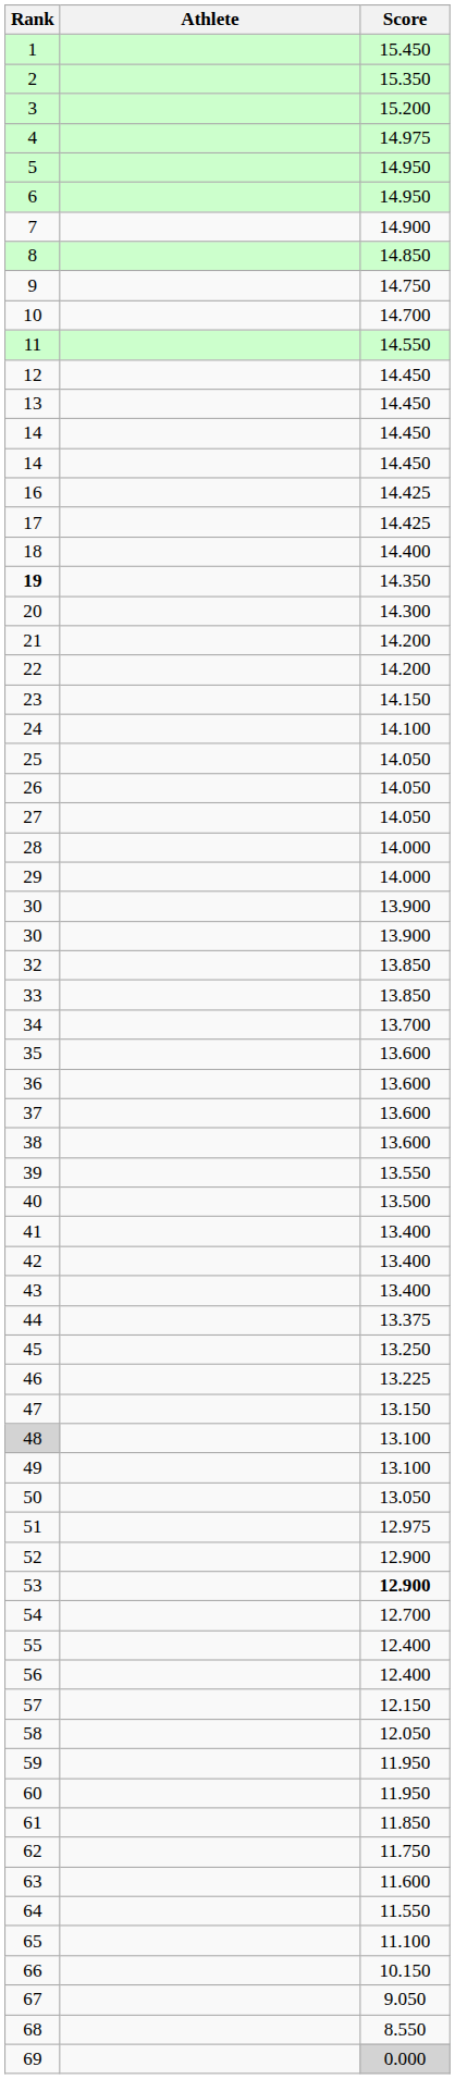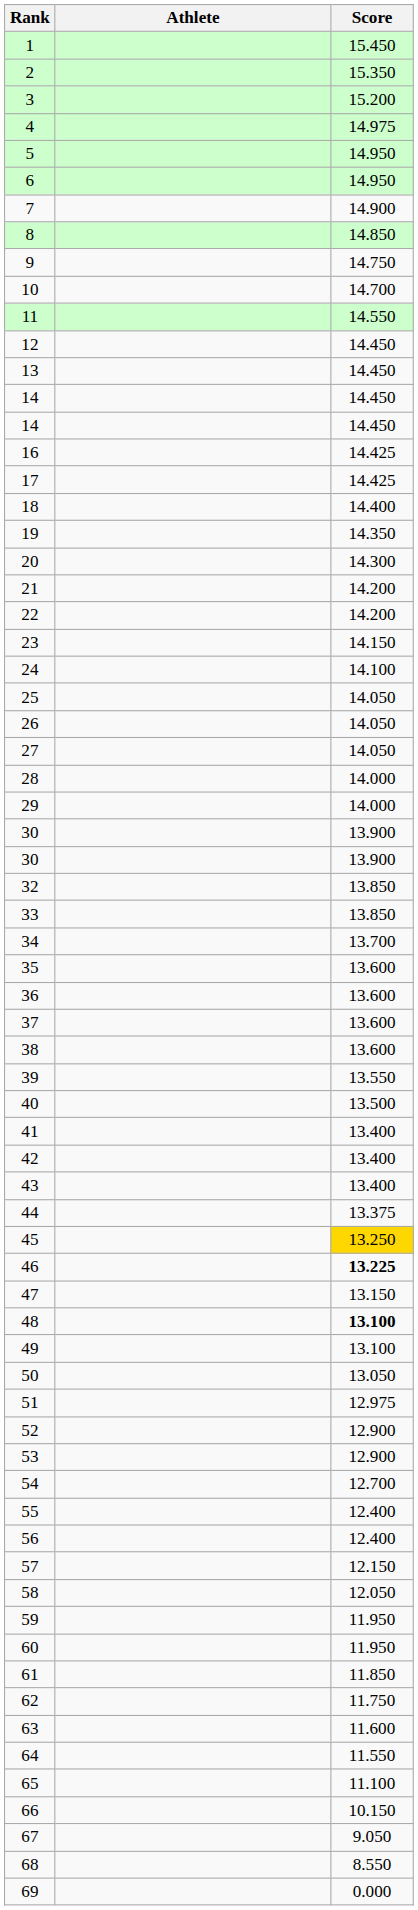 <table class=wikitable style="text-align:center">
 <tr>
 <th width=40>Rank</th>
 <th width=250>Athlete</th>
 <th width=70>Score</th>
 </tr>
 <tr bgcolor="ccffcc">
 <td>1</td>
 <td align=left></td>
 <td>15.450</td>
 </tr>
 <tr bgcolor="ccffcc">
 <td>2</td>
 <td align=left></td>
 <td>15.350</td>
 </tr>
 <tr bgcolor="ccffcc">
 <td>3</td>
 <td align=left></td>
 <td>15.200</td>
 </tr>
 <tr bgcolor="ccffcc">
 <td>4</td>
 <td align=left></td>
 <td>14.975</td>
 </tr>
 <tr bgcolor="ccffcc">
 <td>5</td>
 <td align=left></td>
 <td>14.950</td>
 </tr>
 <tr bgcolor="ccffcc">
 <td>6</td>
 <td align=left></td>
 <td>14.950</td>
 </tr>
 <tr>
 <td>7</td>
 <td align=left></td>
 <td>14.900</td>
 </tr>
 <tr bgcolor="ccffcc">
 <td>8</td>
 <td align=left></td>
 <td>14.850</td>
 </tr>
 <tr>
 <td>9</td>
 <td align=left></td>
 <td>14.750</td>
 </tr>
 <tr>
 <td>10</td>
 <td align=left></td>
 <td>14.700</td>
 </tr>
 <tr bgcolor="ccffcc">
 <td>11</td>
 <td align=left></td>
 <td>14.550</td>
 </tr>
 <tr>
 <td>12</td>
 <td align=left></td>
 <td>14.450</td>
 </tr>
 <tr>
 <td>13</td>
 <td align=left></td>
 <td>14.450</td>
 </tr>
 <tr>
 <td>14</td>
 <td align=left></td>
 <td>14.450</td>
 </tr>
 <tr>
 <td>14</td>
 <td align=left></td>
 <td>14.450</td>
 </tr>
 <tr>
 <td>16</td>
 <td align=left></td>
 <td>14.425</td>
 </tr>
 <tr>
 <td>17</td>
 <td align=left></td>
 <td>14.425</td>
 </tr>
 <tr>
 <td>18</td>
 <td align=left></td>
 <td>14.400</td>
 </tr>
 <tr>
-<td><strong>19</strong></td>
+<td>19</td>
 <td align=left></td>
 <td>14.350</td>
 </tr>
 <tr>
 <td>20</td>
 <td align=left></td>
 <td>14.300</td>
 </tr>
 <tr>
 <td>21</td>
 <td align=left></td>
 <td>14.200</td>
 </tr>
 <tr>
 <td>22</td>
 <td align=left></td>
 <td>14.200</td>
 </tr>
 <tr>
 <td>23</td>
 <td align=left></td>
 <td>14.150</td>
 </tr>
 <tr>
 <td>24</td>
 <td align=left></td>
 <td>14.100</td>
 </tr>
 <tr>
 <td>25</td>
 <td align=left></td>
 <td>14.050</td>
 </tr>
 <tr>
 <td>26</td>
 <td align=left></td>
 <td>14.050</td>
 </tr>
 <tr>
 <td>27</td>
 <td align=left></td>
 <td>14.050</td>
 </tr>
 <tr>
 <td>28</td>
 <td align=left></td>
 <td>14.000</td>
 </tr>
 <tr>
 <td>29</td>
 <td align=left></td>
 <td>14.000</td>
 </tr>
 <tr>
 <td>30</td>
 <td align=left></td>
 <td>13.900</td>
 </tr>
 <tr>
 <td>30</td>
 <td align=left></td>
 <td>13.900</td>
 </tr>
 <tr>
 <td>32</td>
 <td align=left></td>
 <td>13.850</td>
 </tr>
 <tr>
 <td>33</td>
 <td align=left></td>
 <td>13.850</td>
 </tr>
 <tr>
 <td>34</td>
 <td align=left></td>
 <td>13.700</td>
 </tr>
 <tr>
 <td>35</td>
 <td align=left></td>
 <td>13.600</td>
 </tr>
 <tr>
 <td>36</td>
 <td align=left></td>
 <td>13.600</td>
 </tr>
 <tr>
 <td>37</td>
 <td align=left></td>
 <td>13.600</td>
 </tr>
 <tr>
 <td>38</td>
 <td align=left></td>
 <td>13.600</td>
 </tr>
 <tr>
 <td>39</td>
 <td align=left></td>
 <td>13.550</td>
 </tr>
 <tr>
 <td>40</td>
 <td align=left></td>
 <td>13.500</td>
 </tr>
 <tr>
 <td>41</td>
 <td align=left></td>
 <td>13.400</td>
 </tr>
 <tr>
 <td>42</td>
 <td align=left></td>
 <td>13.400</td>
 </tr>
 <tr>
 <td>43</td>
 <td align=left></td>
 <td>13.400</td>
 </tr>
 <tr>
 <td>44</td>
 <td align=left></td>
 <td>13.375</td>
 </tr>
 <tr>
 <td>45</td>
 <td align=left></td>
-<td>13.250</td>
+<td style="background: gold;">13.250</td>
 </tr>
 <tr>
 <td>46</td>
 <td align=left></td>
-<td>13.225</td>
+<td><strong>13.225</strong></td>
 </tr>
 <tr>
 <td>47</td>
 <td align=left></td>
 <td>13.150</td>
 </tr>
 <tr>
-<td style="background: lightgrey;">48</td>
+<td>48</td>
 <td align=left></td>
-<td>13.100</td>
+<td><strong>13.100</strong></td>
 </tr>
 <tr>
 <td>49</td>
 <td align=left></td>
 <td>13.100</td>
 </tr>
 <tr>
 <td>50</td>
 <td align=left></td>
 <td>13.050</td>
 </tr>
 <tr>
 <td>51</td>
 <td align=left></td>
 <td>12.975</td>
 </tr>
 <tr>
 <td>52</td>
 <td align=left></td>
 <td>12.900</td>
 </tr>
 <tr>
 <td>53</td>
 <td align=left></td>
-<td><strong>12.900</strong></td>
+<td>12.900</td>
 </tr>
 <tr>
 <td>54</td>
 <td align=left></td>
 <td>12.700</td>
 </tr>
 <tr>
 <td>55</td>
 <td align=left></td>
 <td>12.400</td>
 </tr>
 <tr>
 <td>56</td>
 <td align=left></td>
 <td>12.400</td>
 </tr>
 <tr>
 <td>57</td>
 <td align=left></td>
 <td>12.150</td>
 </tr>
 <tr>
 <td>58</td>
 <td align=left></td>
 <td>12.050</td>
 </tr>
 <tr>
 <td>59</td>
 <td align=left></td>
 <td>11.950</td>
 </tr>
 <tr>
 <td>60</td>
 <td align=left></td>
 <td>11.950</td>
 </tr>
 <tr>
 <td>61</td>
 <td align=left></td>
 <td>11.850</td>
 </tr>
 <tr>
 <td>62</td>
 <td align=left></td>
 <td>11.750</td>
 </tr>
 <tr>
 <td>63</td>
 <td align=left></td>
 <td>11.600</td>
 </tr>
 <tr>
 <td>64</td>
 <td align=left></td>
 <td>11.550</td>
 </tr>
 <tr>
 <td>65</td>
 <td align=left></td>
 <td>11.100</td>
 </tr>
 <tr>
 <td>66</td>
 <td align=left></td>
 <td>10.150</td>
 </tr>
 <tr>
 <td>67</td>
 <td align=left></td>
 <td>9.050</td>
 </tr>
 <tr>
 <td>68</td>
 <td align=left></td>
 <td>8.550</td>
 </tr>
 <tr>
 <td>69</td>
 <td align=left></td>
-<td style="background: lightgrey;">0.000</td>
+<td>0.000</td>
 </tr>
 </table>
